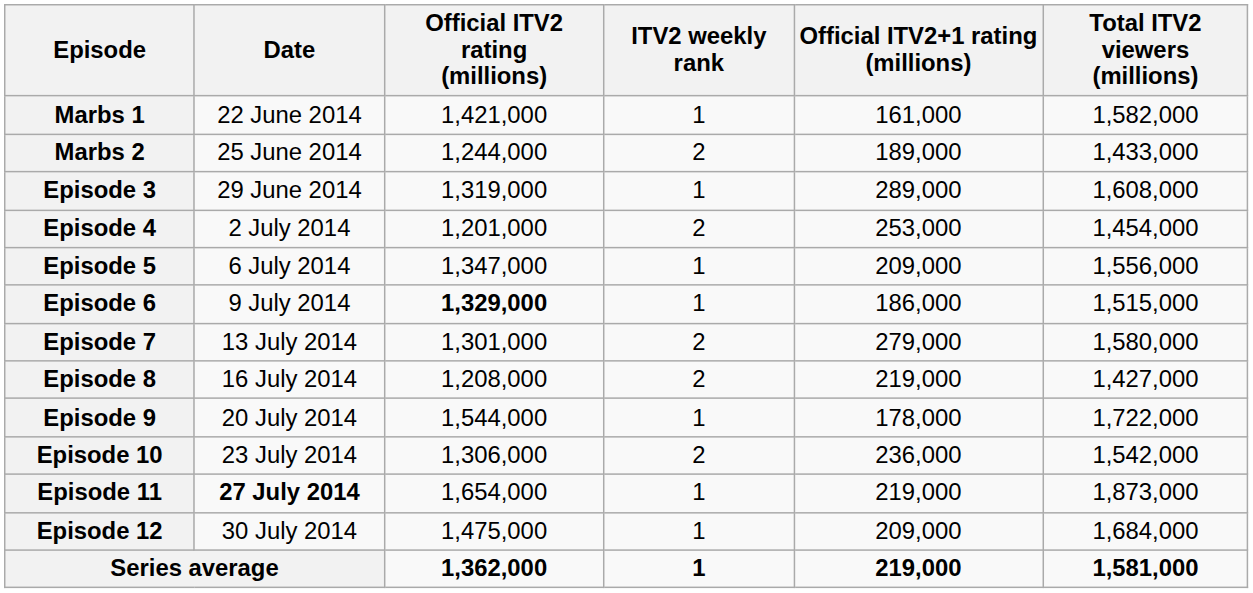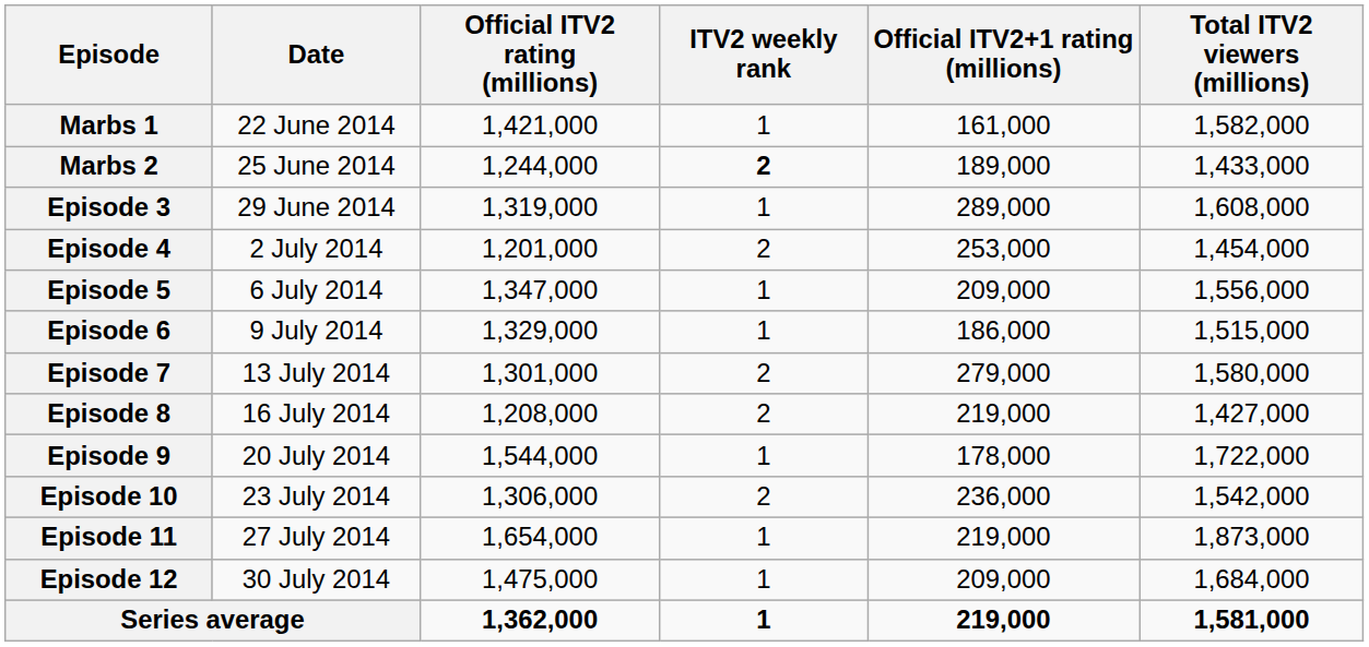 <table class="wikitable sortable" style="text-align:center">
 <tr>
 <th scope="col" style="width:120px;">Episode</th>
 <th scope="col" style="width:120px;">Date</th>
 <th scope="col" style="width:140px;">Official ITV2 rating<br>(millions)</th>
 <th scope="col" style="width:120px;">ITV2 weekly rank</th>
 <th scope="col" style="width:160px;">Official ITV2+1 rating<br>(millions)</th>
 <th scope="col" style="width:130px;">Total ITV2 viewers (millions)</th>
 </tr>
 <tr>
 <th scope="row">Marbs 1</th>
 <td>22 June 2014</td>
 <td>1,421,000</td>
 <td>1</td>
 <td>161,000</td>
 <td>1,582,000</td>
 </tr>
 <tr>
 <th scope="row">Marbs 2</th>
 <td>25 June 2014</td>
 <td>1,244,000</td>
-<td>2</td>
+<td><strong>2</strong></td>
 <td>189,000</td>
 <td>1,433,000</td>
 </tr>
 <tr>
 <th scope="row">Episode 3</th>
 <td>29 June 2014</td>
 <td>1,319,000</td>
 <td>1</td>
 <td>289,000</td>
 <td>1,608,000</td>
 </tr>
 <tr>
 <th scope="row">Episode 4</th>
 <td>2 July 2014</td>
 <td>1,201,000</td>
 <td>2</td>
 <td>253,000</td>
 <td>1,454,000</td>
 </tr>
 <tr>
 <th scope="row">Episode 5</th>
 <td>6 July 2014</td>
 <td>1,347,000</td>
 <td>1</td>
 <td>209,000</td>
 <td>1,556,000</td>
 </tr>
 <tr>
 <th scope="row">Episode 6</th>
 <td>9 July 2014</td>
-<td><strong>1,329,000</strong></td>
+<td>1,329,000</td>
 <td>1</td>
 <td>186,000</td>
 <td>1,515,000</td>
 </tr>
 <tr>
 <th scope="row">Episode 7</th>
 <td>13 July 2014</td>
 <td>1,301,000</td>
 <td>2</td>
 <td>279,000</td>
 <td>1,580,000</td>
 </tr>
 <tr>
 <th scope="row">Episode 8</th>
 <td>16 July 2014</td>
 <td>1,208,000</td>
 <td>2</td>
 <td>219,000</td>
 <td>1,427,000</td>
 </tr>
 <tr>
 <th scope="row">Episode 9</th>
 <td>20 July 2014</td>
 <td>1,544,000</td>
 <td>1</td>
 <td>178,000</td>
 <td>1,722,000</td>
 </tr>
 <tr>
 <th scope="row">Episode 10</th>
 <td>23 July 2014</td>
 <td>1,306,000</td>
 <td>2</td>
 <td>236,000</td>
 <td>1,542,000</td>
 </tr>
 <tr>
 <th scope="row">Episode 11</th>
-<td><strong>27 July 2014</strong></td>
+<td>27 July 2014</td>
 <td>1,654,000</td>
 <td>1</td>
 <td>219,000</td>
 <td>1,873,000</td>
 </tr>
 <tr>
 <th scope="row">Episode 12</th>
 <td>30 July 2014</td>
 <td>1,475,000</td>
 <td>1</td>
 <td>209,000</td>
 <td>1,684,000</td>
 </tr>
 <tr>
 <th colspan=2 scope="row">Series average</th>
 <td><strong>1,362,000</strong></td>
 <td><strong>1</strong></td>
 <td><strong>219,000</strong></td>
 <td><strong>1,581,000</strong></td>
 </tr>
 </table>
